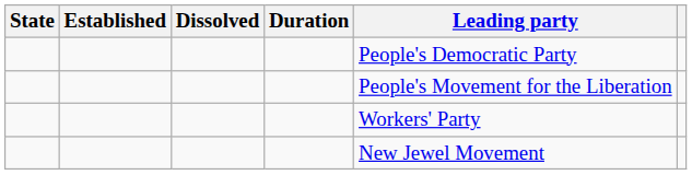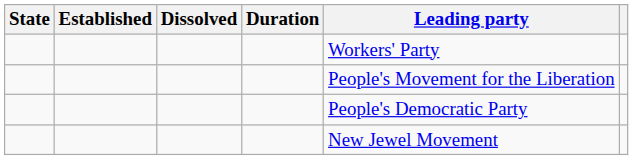 <table class="wikitable sortable" style=text-align:center>
 <tr>
 <th scope="col">State</th>
 <th scope="col">Established</th>
 <th scope="col">Dissolved</th>
 <th scope="col">Duration</th>
 <th scope="col"><a href='#'>Leading party</a></th>
 <th scope="col" class="unsortable"></th>
 </tr>
 <tr>
 <td align="left"></td>
 <td></td>
 <td></td>
 <td></td>
-<td align="left"><a href='#'>People's Democratic Party</a></td>
+<td align="left"><a href='#'>Workers' Party</a></td>
 <td></td>
 </tr>
 <tr>
 <td align="left"></td>
 <td></td>
 <td></td>
 <td></td>
 <td align="left"><a href='#'>People's Movement for the Liberation</a></td>
 <td></td>
 </tr>
 <tr>
 <td align="left"></td>
 <td></td>
 <td></td>
 <td></td>
-<td align="left"><a href='#'>Workers' Party</a></td>
+<td align="left"><a href='#'>People's Democratic Party</a></td>
 <td></td>
 </tr>
 <tr>
 <td align="left"></td>
 <td></td>
 <td></td>
 <td></td>
 <td align="left"><a href='#'>New Jewel Movement</a></td>
 <td></td>
 </tr>
 </table>
